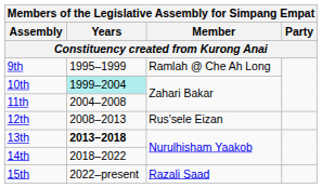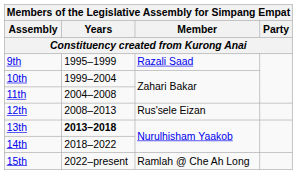 <table class=wikitable>
 <tr>
 <th colspan=4>Members of the Legislative Assembly for Simpang Empat</th>
 </tr>
 <tr>
 <th>Assembly</th>
 <th>Years</th>
 <th>Member</th>
 <th>Party</th>
 </tr>
 <tr>
 <th colspan=4 align=center><em>Constituency created from Kurong Anai</em></th>
 </tr>
 <tr>
 <td><a href='#'>9th</a></td>
 <td>1995–1999</td>
-<td>Ramlah @ Che Ah Long</td>
+<td><a href='#'>Razali Saad</a></td>
 <td rowspan=3></td>
 </tr>
 <tr>
 <td><a href='#'>10th</a></td>
-<td style="background: paleturquoise;">1999–2004</td>
+<td>1999–2004</td>
 <td rowspan=2>Zahari Bakar</td>
 </tr>
 <tr>
 <td><a href='#'>11th</a></td>
 <td>2004–2008</td>
 </tr>
 <tr>
 <td><a href='#'>12th</a></td>
 <td>2008–2013</td>
 <td>Rus'sele Eizan</td>
 <td></td>
 </tr>
 <tr>
 <td><a href='#'>13th</a></td>
 <td><strong>2013–2018</strong></td>
 <td rowspan=2><a href='#'>Nurulhisham Yaakob</a></td>
 <td rowspan=2></td>
 </tr>
 <tr>
 <td><a href='#'>14th</a></td>
 <td>2018–2022</td>
 </tr>
 <tr>
 <td><a href='#'>15th</a></td>
 <td>2022–present</td>
-<td><a href='#'>Razali Saad</a></td>
+<td>Ramlah @ Che Ah Long</td>
 <td></td>
 </tr>
 </table>
